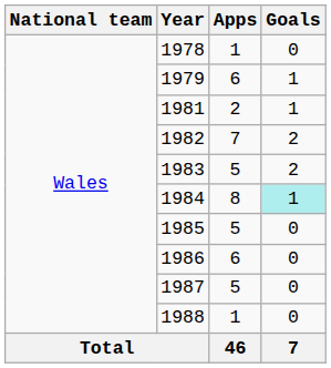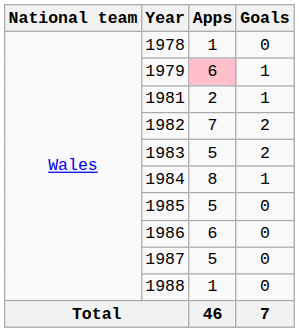 <table class=wikitable style="text-align: center">
 <tr>
 <th>National team</th>
 <th>Year</th>
 <th>Apps</th>
 <th>Goals</th>
 </tr>
 <tr>
 <td rowspan=10><a href='#'>Wales</a></td>
 <td>1978</td>
 <td>1</td>
 <td>0</td>
 </tr>
 <tr>
 <td>1979</td>
-<td>6</td>
+<td style="background: pink;">6</td>
 <td>1</td>
 </tr>
 <tr>
 <td>1981</td>
 <td>2</td>
 <td>1</td>
 </tr>
 <tr>
 <td>1982</td>
 <td>7</td>
 <td>2</td>
 </tr>
 <tr>
 <td>1983</td>
 <td>5</td>
 <td>2</td>
 </tr>
 <tr>
 <td>1984</td>
 <td>8</td>
-<td style="background: paleturquoise;">1</td>
+<td>1</td>
 </tr>
 <tr>
 <td>1985</td>
 <td>5</td>
 <td>0</td>
 </tr>
 <tr>
 <td>1986</td>
 <td>6</td>
 <td>0</td>
 </tr>
 <tr>
 <td>1987</td>
 <td>5</td>
 <td>0</td>
 </tr>
 <tr>
 <td>1988</td>
 <td>1</td>
 <td>0</td>
 </tr>
 <tr>
 <th colspan=2>Total</th>
 <th>46</th>
 <th>7</th>
 </tr>
 </table>
